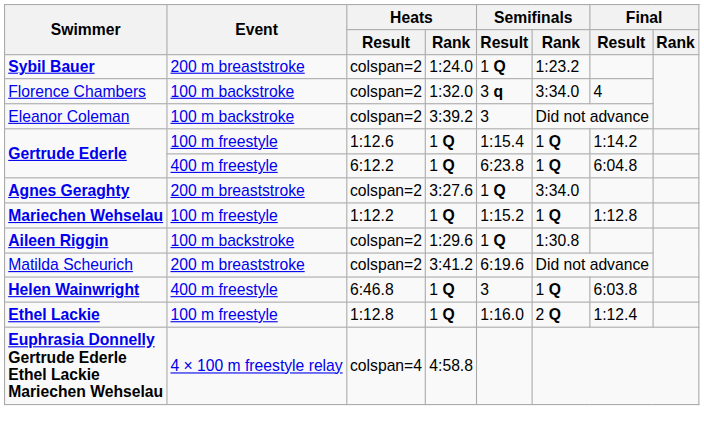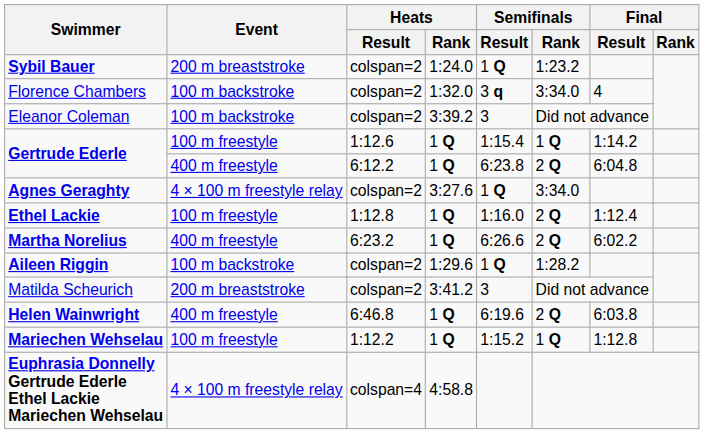 <table class=wikitable style="font-size:90%" style="text-align:center">
 <tr>
 <th rowspan=2>Swimmer</th>
 <th rowspan=2>Event</th>
 <th colspan=2>Heats</th>
 <th colspan=2>Semifinals</th>
 <th colspan=2>Final</th>
 </tr>
 <tr>
 <th>Result</th>
 <th>Rank</th>
 <th>Result</th>
 <th>Rank</th>
 <th>Result</th>
 <th>Rank</th>
 </tr>
 <tr>
 <td align=left><strong><a href='#'>Sybil Bauer</a></strong></td>
 <td align=left><a href='#'>200 m breaststroke</a></td>
 <td>colspan=2 </td>
 <td>1:24.0 </td>
 <td>1 <strong>Q</strong></td>
 <td>1:23.2 </td>
 <td></td>
 </tr>
 <tr>
 <td align=left><a href='#'>Florence Chambers</a></td>
 <td align=left><a href='#'>100 m backstroke</a></td>
 <td>colspan=2 </td>
 <td>1:32.0</td>
 <td>3 <strong>q</strong></td>
 <td>3:34.0</td>
 <td>4</td>
 </tr>
 <tr>
 <td align=left><a href='#'>Eleanor Coleman</a></td>
 <td align=left><a href='#'>100 m backstroke</a></td>
 <td>colspan=2 </td>
 <td>3:39.2</td>
 <td>3</td>
 <td colspan=2>Did not advance</td>
 </tr>
 <tr>
 <td rowspan=2 align=left><strong><a href='#'>Gertrude Ederle</a></strong></td>
 <td align=left><a href='#'>100 m freestyle</a></td>
 <td>1:12.6</td>
 <td>1 <strong>Q</strong></td>
 <td>1:15.4</td>
 <td>1 <strong>Q</strong></td>
 <td>1:14.2</td>
 <td></td>
 </tr>
 <tr>
 <td align=left><a href='#'>400 m freestyle</a></td>
 <td>6:12.2 </td>
 <td>1 <strong>Q</strong></td>
 <td>6:23.8</td>
-<td>1 <strong>Q</strong></td>
+<td>2 <strong>Q</strong></td>
 <td>6:04.8</td>
 <td></td>
 </tr>
 <tr>
 <td align=left><strong><a href='#'>Agnes Geraghty</a></strong></td>
-<td align=left><a href='#'>200 m breaststroke</a></td>
+<td align=left><a href='#'>4 × 100 m freestyle relay</a></td>
 <td>colspan=2 </td>
 <td>3:27.6 </td>
 <td>1 <strong>Q</strong></td>
 <td>3:34.0</td>
+<td></td>
+</tr>
+<tr>
+<td align=left><strong><a href='#'>Ethel Lackie</a></strong></td>
+<td align=left><a href='#'>100 m freestyle</a></td>
+<td>1:12.8</td>
+<td>1 <strong>Q</strong></td>
+<td>1:16.0</td>
+<td>2 <strong>Q</strong></td>
+<td>1:12.4</td>
+<td></td>
+</tr>
+<tr>
+<td align=left><strong><a href='#'>Martha Norelius</a></strong></td>
+<td align=left><a href='#'>400 m freestyle</a></td>
+<td>6:23.2</td>
+<td>1 <strong>Q</strong></td>
+<td>6:26.6</td>
+<td>2 <strong>Q</strong></td>
+<td>6:02.2 </td>
+<td></td>
+</tr>
+<tr>
+<td align=left><strong><a href='#'>Aileen Riggin</a></strong></td>
+<td align=left><a href='#'>100 m backstroke</a></td>
+<td>colspan=2 </td>
+<td>1:29.6</td>
+<td>1 <strong>Q</strong></td>
+<td>1:28.2</td>
+<td></td>
+</tr>
+<tr>
+<td align=left><a href='#'>Matilda Scheurich</a></td>
+<td align=left><a href='#'>200 m breaststroke</a></td>
+<td>colspan=2 </td>
+<td>3:41.2</td>
+<td>3</td>
+<td colspan=2>Did not advance</td>
+</tr>
+<tr>
+<td align=left><strong><a href='#'>Helen Wainwright</a></strong></td>
+<td align=left><a href='#'>400 m freestyle</a></td>
+<td>6:46.8</td>
+<td>1 <strong>Q</strong></td>
+<td>6:19.6</td>
+<td>2 <strong>Q</strong></td>
+<td>6:03.8</td>
 <td></td>
 </tr>
 <tr>
 <td align=left><strong><a href='#'>Mariechen Wehselau</a></strong></td>
 <td align=left><a href='#'>100 m freestyle</a></td>
 <td>1:12.2 </td>
 <td>1 <strong>Q</strong></td>
 <td>1:15.2</td>
 <td>1 <strong>Q</strong></td>
 <td>1:12.8</td>
 <td></td>
 </tr>
 <tr>
-<td align=left><strong><a href='#'>Aileen Riggin</a></strong></td>
-<td align=left><a href='#'>100 m backstroke</a></td>
-<td>colspan=2 </td>
-<td>1:29.6</td>
-<td>1 <strong>Q</strong></td>
-<td>1:30.8</td>
-<td></td>
-</tr>
-<tr>
-<td align=left><a href='#'>Matilda Scheurich</a></td>
-<td align=left><a href='#'>200 m breaststroke</a></td>
-<td>colspan=2 </td>
-<td>3:41.2</td>
-<td>6:19.6</td>
-<td colspan=2>Did not advance</td>
-</tr>
-<tr>
-<td align=left><strong><a href='#'>Helen Wainwright</a></strong></td>
-<td align=left><a href='#'>400 m freestyle</a></td>
-<td>6:46.8</td>
-<td>1 <strong>Q</strong></td>
-<td>3</td>
-<td>1 <strong>Q</strong></td>
-<td>6:03.8</td>
-<td></td>
-</tr>
-<tr>
-<td align=left><strong><a href='#'>Ethel Lackie</a></strong></td>
-<td align=left><a href='#'>100 m freestyle</a></td>
-<td>1:12.8</td>
-<td>1 <strong>Q</strong></td>
-<td>1:16.0</td>
-<td>2 <strong>Q</strong></td>
-<td>1:12.4</td>
-<td></td>
-</tr>
-<tr>
 <td align=left><strong><a href='#'>Euphrasia Donnelly</a> <br> Gertrude Ederle <br> Ethel Lackie <br> Mariechen Wehselau</strong></td>
 <td align=left><a href='#'>4 × 100 m freestyle relay</a></td>
 <td>colspan=4 </td>
 <td>4:58.8 </td>
 <td></td>
 </tr>
 </table>
